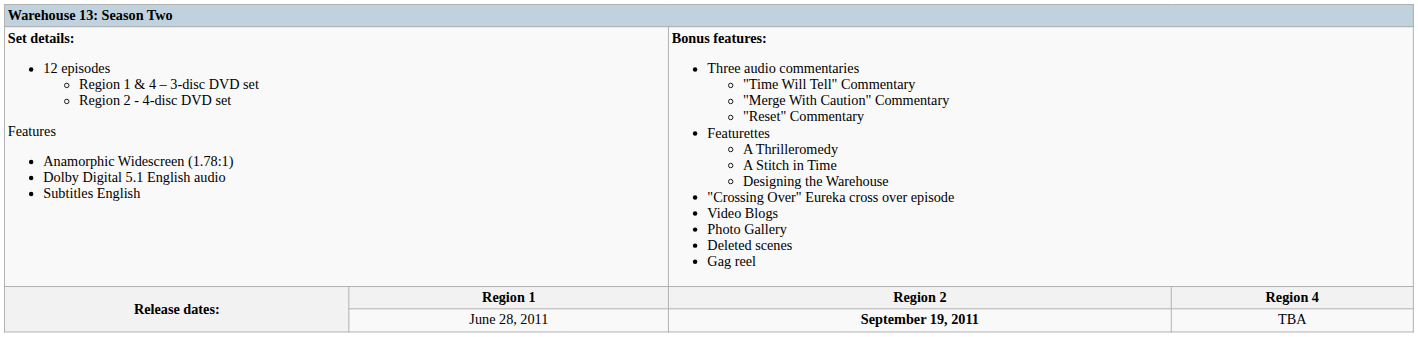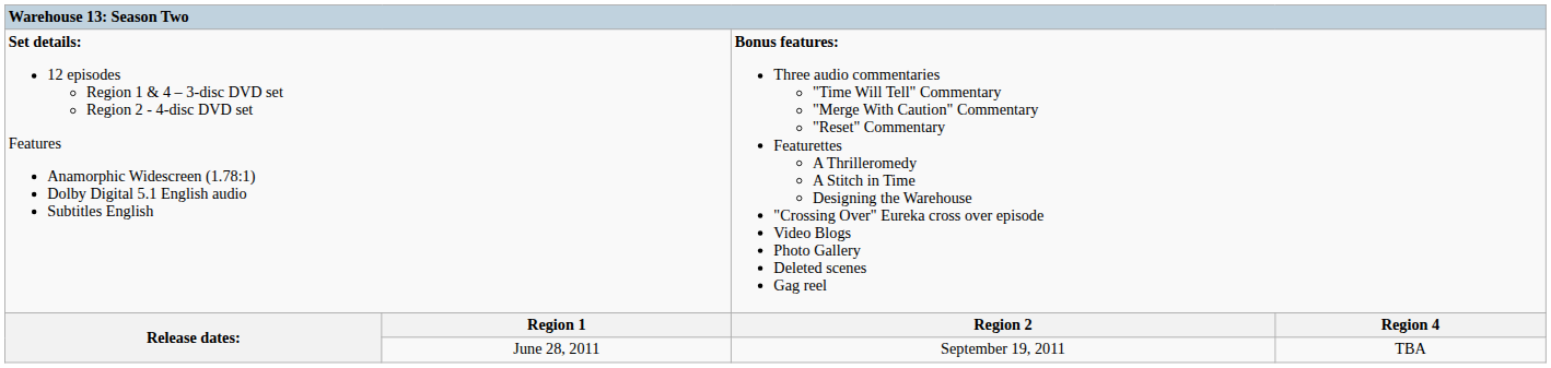 <table class="wikitable" width=100%>
 <tr>
 <td colspan="5" style="background: #C0D2DE; color: #000000;"><strong>Warehouse 13: Season Two</strong></td>
 </tr>
 <tr>
 <td colspan="2" valign=top><strong>Set details:</strong><br><ul><li>12 episodes<ul><li>Region 1 & 4 – 3-disc DVD set</li><li>Region 2 - 4-disc DVD set</li></ul></li></ul>Features<ul><li>Anamorphic Widescreen (1.78:1)</li><li>Dolby Digital 5.1 English audio</li><li>Subtitles English</li></ul></td>
 <td colspan="3" valign=top><strong>Bonus features:</strong><br><ul><li>Three audio commentaries<ul><li>"Time Will Tell" Commentary</li><li>"Merge With Caution" Commentary</li><li>"Reset" Commentary</li></ul></li><li>Featurettes<ul><li>A Thrilleromedy</li><li>A Stitch in Time</li><li>Designing the Warehouse</li></ul></li><li>"Crossing Over" Eureka cross over episode</li><li>Video Blogs</li><li>Photo Gallery</li><li>Deleted scenes</li><li>Gag reel</li></ul></td>
 </tr>
 <tr>
 <th rowspan="2">Release dates:</th>
 <th>Region 1</th>
 <th>Region 2</th>
 <th>Region 4</th>
 </tr>
 <tr>
 <td align="center">June 28, 2011</td>
-<td align="center"><strong>September 19, 2011</strong></td>
+<td align="center">September 19, 2011</td>
 <td align="center">TBA</td>
 </tr>
 </table>
